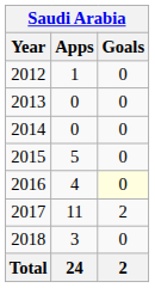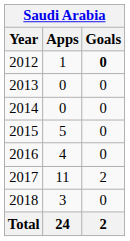 <table class="wikitable" style="text-align:center">
 <tr>
 <th colspan=3><a href='#'>Saudi Arabia</a></th>
 </tr>
 <tr>
 <th>Year</th>
 <th>Apps</th>
 <th>Goals</th>
 </tr>
 <tr>
 <td>2012</td>
 <td>1</td>
-<td>0</td>
+<td><strong>0</strong></td>
 </tr>
 <tr>
 <td>2013</td>
 <td>0</td>
 <td>0</td>
 </tr>
 <tr>
 <td>2014</td>
 <td>0</td>
 <td>0</td>
 </tr>
 <tr>
 <td>2015</td>
 <td>5</td>
 <td>0</td>
 </tr>
 <tr>
 <td>2016</td>
 <td>4</td>
-<td style="background: lightyellow;">0</td>
+<td>0</td>
 </tr>
 <tr>
 <td>2017</td>
 <td>11</td>
 <td>2</td>
 </tr>
 <tr>
 <td>2018</td>
 <td>3</td>
 <td>0</td>
 </tr>
 <tr>
 <th>Total</th>
 <th>24</th>
 <th>2</th>
 </tr>
 </table>
